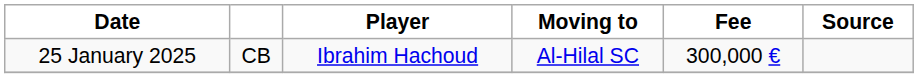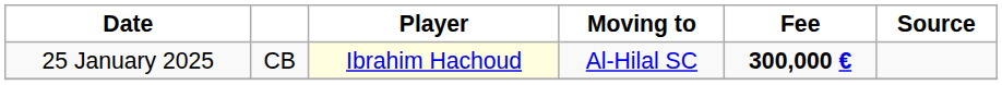 <table class="wikitable sortable" style="width:70%; text-align:center; font-size:90%; text-align:centre;">
 <tr>
 <th style="background:white; color:black; text-align:center;">Date</th>
 <th style="background:white; color:black; text-align:center;"></th>
 <th style="background:white; color:black; text-align:center;">Player</th>
 <th style="background:white; color:black; text-align:center;">Moving to</th>
 <th style="background:white; color:black; text-align:center;">Fee</th>
 <th style="background:white; color:black; text-align:center;">Source</th>
 </tr>
 <tr>
 <td>25 January 2025</td>
 <td>CB</td>
-<td> <a href='#'>Ibrahim Hachoud</a></td>
+<td style="background: lightyellow;"> <a href='#'>Ibrahim Hachoud</a></td>
 <td> <a href='#'>Al-Hilal SC</a></td>
-<td>300,000 <a href='#'>€</a></td>
+<td><strong>300,000 <a href='#'>€</a></strong></td>
 <td></td>
 </tr>
 <tr>
 </tr>
 </table>
